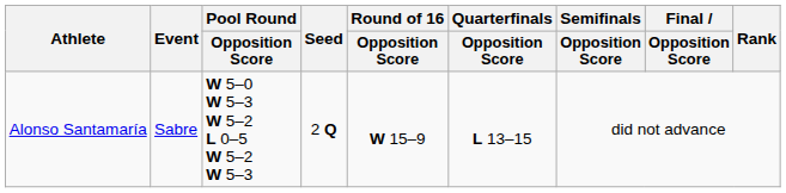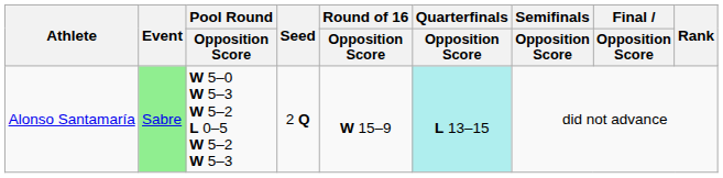 <table class=wikitable style="font-size:90%">
 <tr>
 <th rowspan="2">Athlete</th>
 <th rowspan="2">Event</th>
 <th>Pool Round</th>
 <th rowspan="2">Seed</th>
 <th>Round of 16</th>
 <th>Quarterfinals</th>
 <th>Semifinals</th>
 <th>Final / </th>
 <th rowspan=2>Rank</th>
 </tr>
 <tr style="font-size:95%">
 <th>Opposition<br>Score</th>
 <th>Opposition<br>Score</th>
 <th>Opposition<br>Score</th>
 <th>Opposition<br>Score</th>
 <th>Opposition<br>Score</th>
 </tr>
 <tr align=center>
 <td align=left><a href='#'>Alonso Santamaría</a></td>
-<td align=left><a href='#'>Sabre</a></td>
+<td align=left style="background: lightgreen;"><a href='#'>Sabre</a></td>
 <td align=left> <strong>W</strong> 5–0<br> <strong>W</strong> 5–3<br> <strong>W</strong> 5–2<br> <strong>L</strong> 0–5<br> <strong>W</strong> 5–2<br> <strong>W</strong> 5–3<br></td>
 <td>2 <strong>Q</strong></td>
 <td> <br><strong>W</strong> 15–9</td>
-<td> <br><strong>L</strong> 13–15</td>
+<td style="background: paleturquoise;"> <br><strong>L</strong> 13–15</td>
 <td colspan=3>did not advance</td>
 </tr>
 </table>
